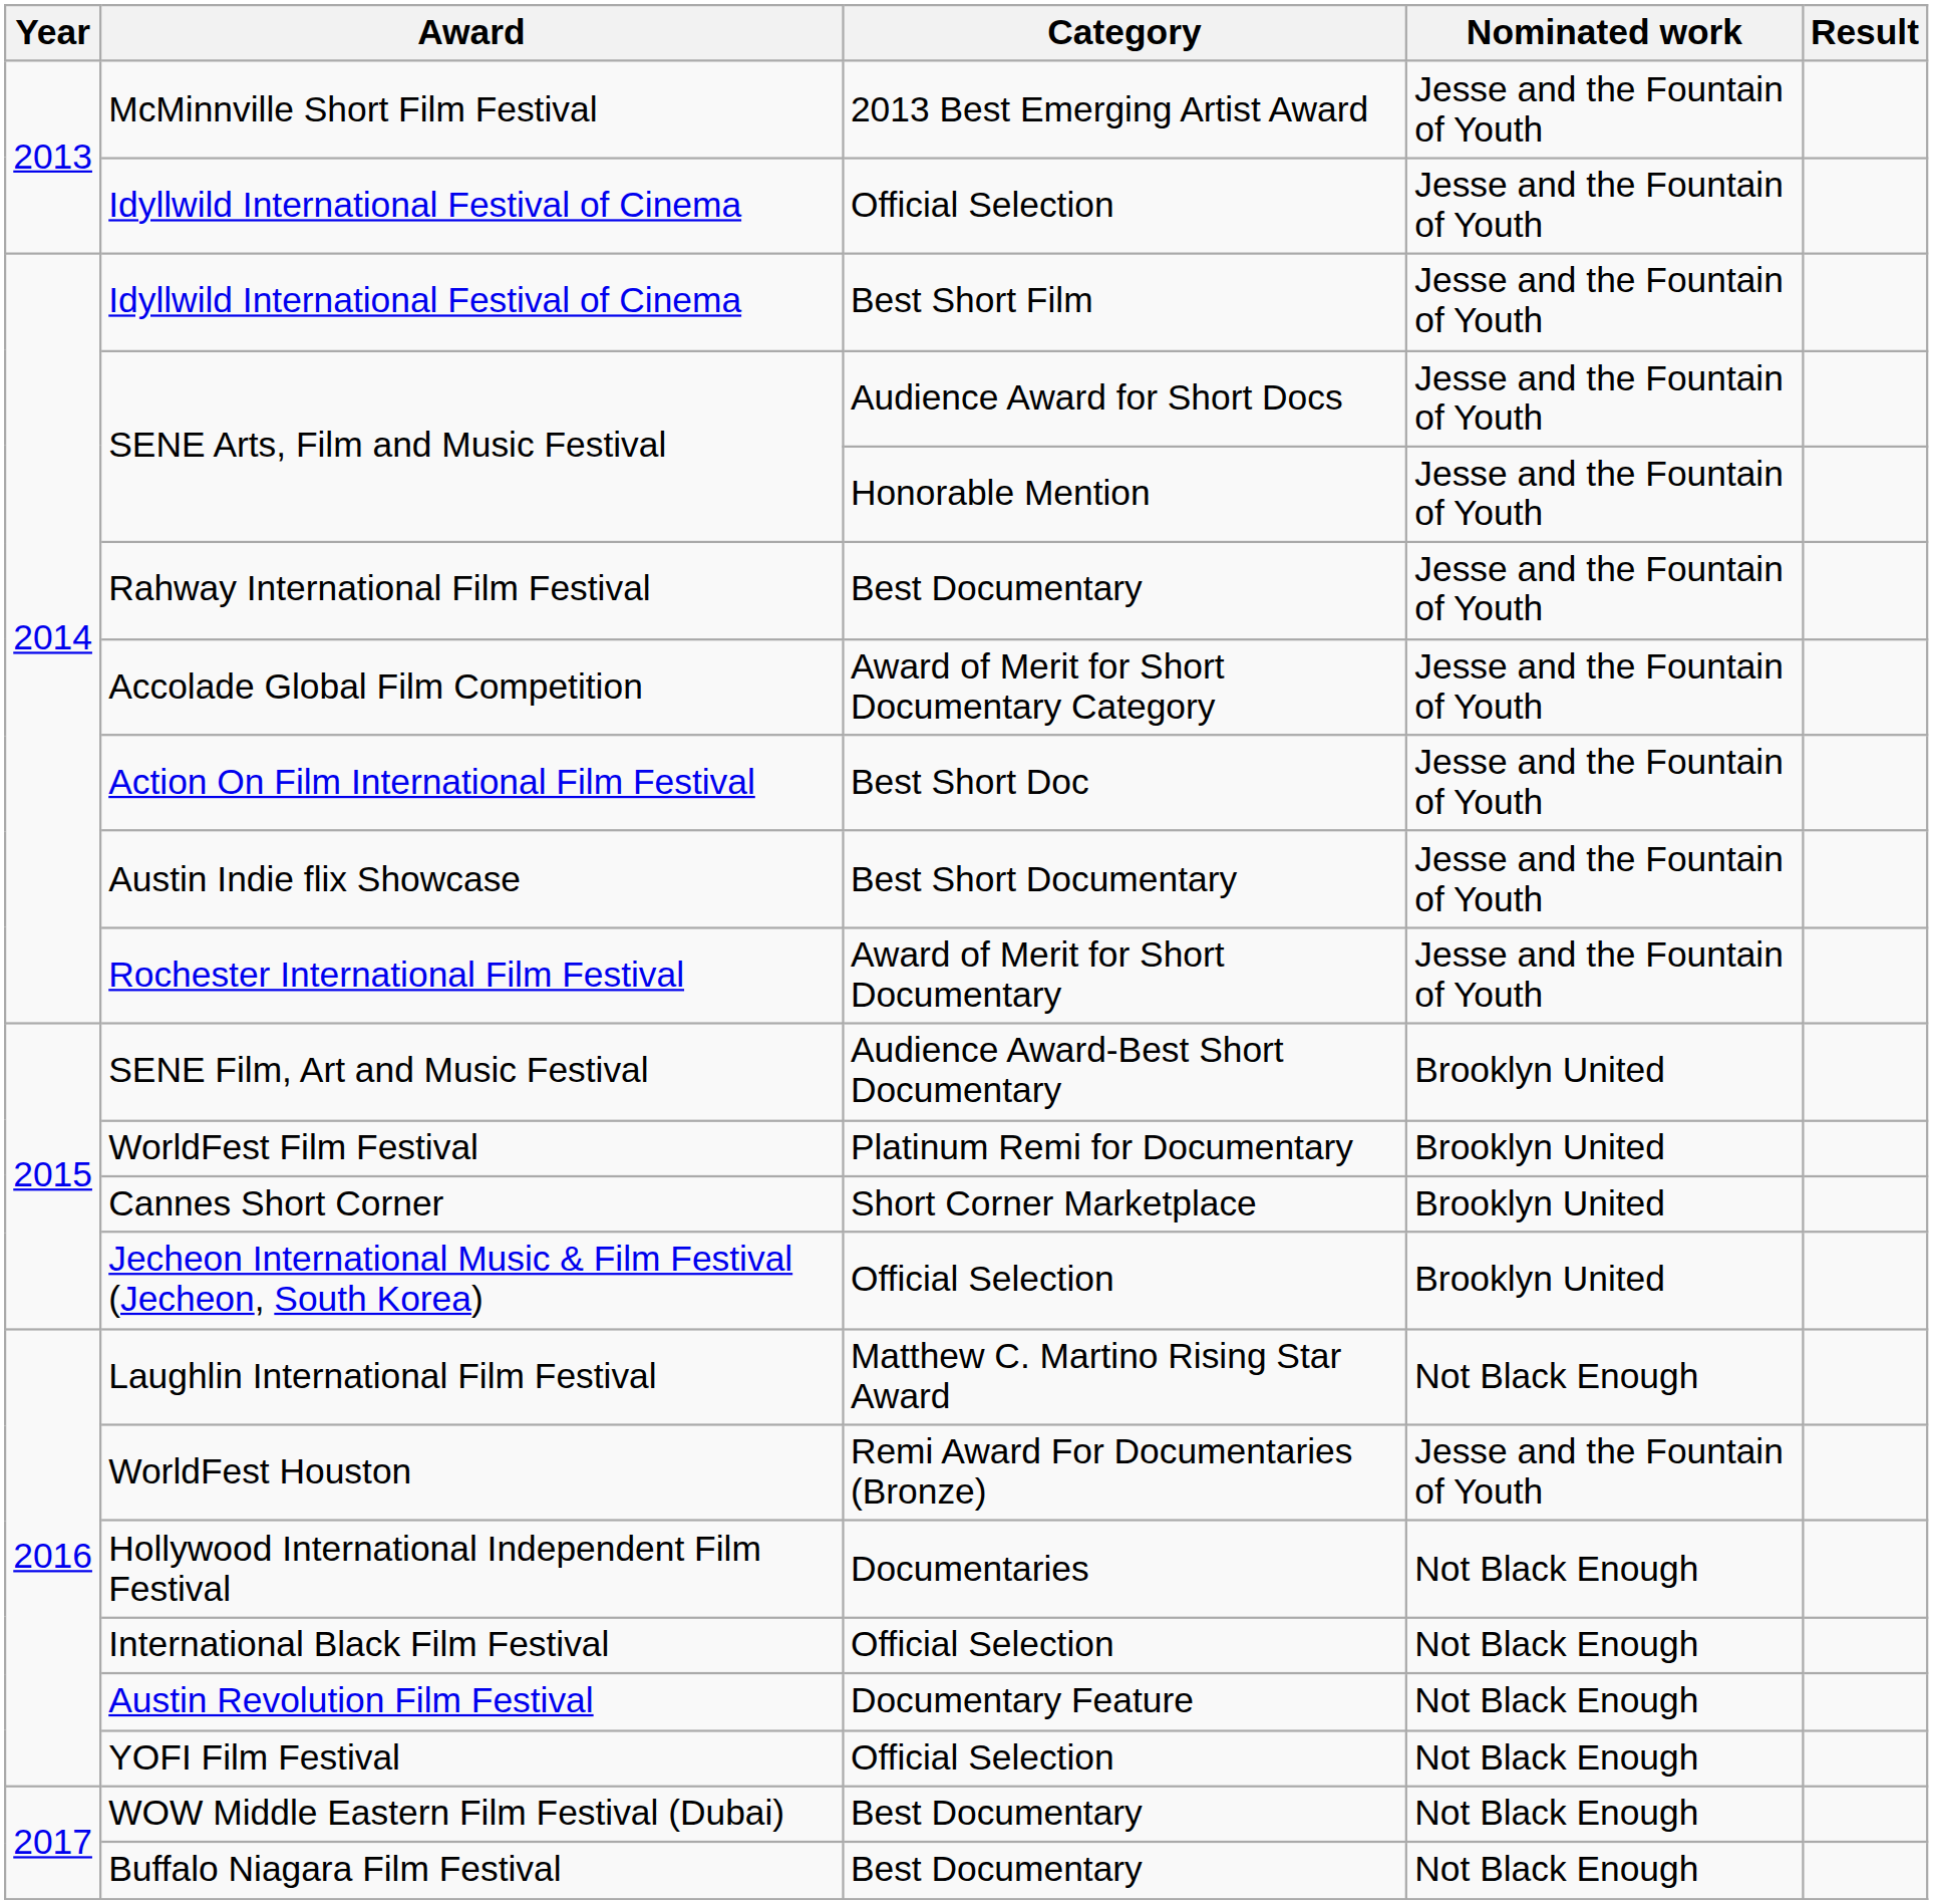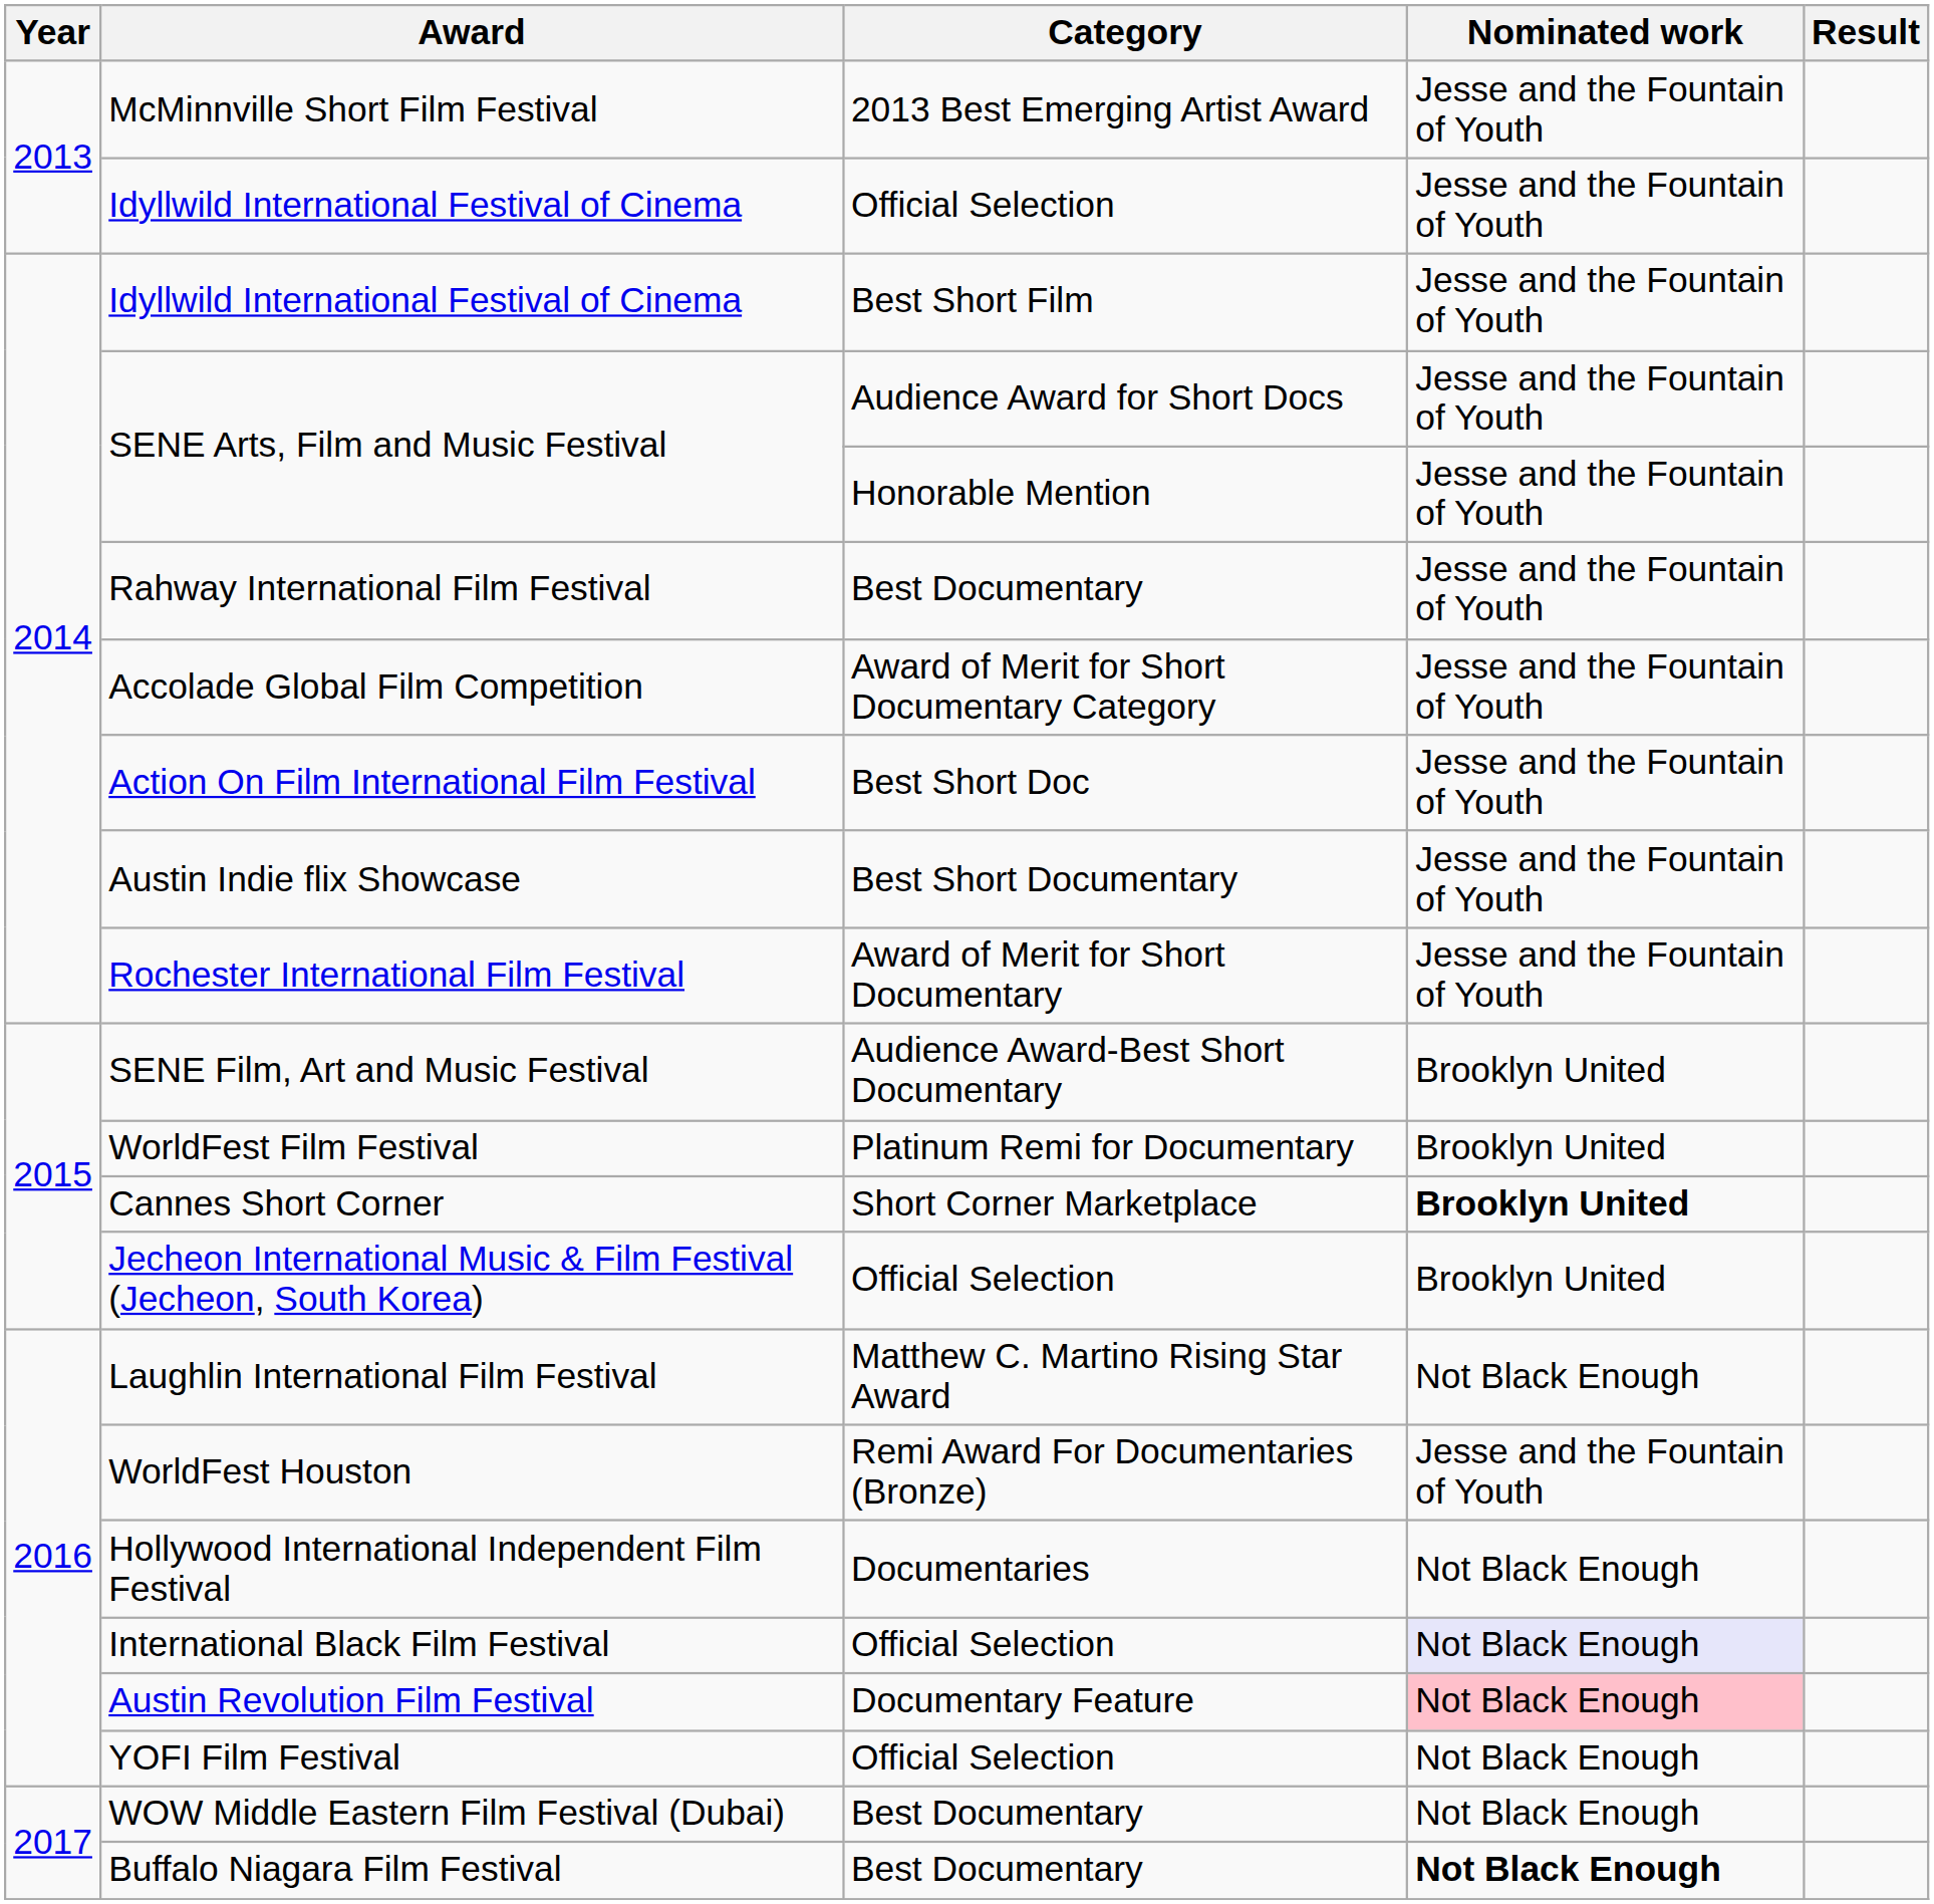 <table class="wikitable">
 <tr>
 <th>Year</th>
 <th>Award</th>
 <th>Category</th>
 <th>Nominated work</th>
 <th>Result</th>
 </tr>
 <tr>
 <td rowspan=2><a href='#'>2013</a></td>
 <td>McMinnville Short Film Festival</td>
 <td>2013 Best Emerging Artist Award</td>
 <td>Jesse and the Fountain of Youth</td>
 <td></td>
 </tr>
 <tr>
 <td><a href='#'>Idyllwild International Festival of Cinema</a></td>
 <td>Official Selection</td>
 <td>Jesse and the Fountain of Youth</td>
 <td></td>
 </tr>
 <tr>
 <td rowspan=8><a href='#'>2014</a></td>
 <td><a href='#'>Idyllwild International Festival of Cinema</a></td>
 <td>Best Short Film</td>
 <td>Jesse and the Fountain of Youth</td>
 <td></td>
 </tr>
 <tr>
 <td rowspan=2>SENE Arts, Film and Music Festival</td>
 <td>Audience Award for Short Docs</td>
 <td>Jesse and the Fountain of Youth</td>
 <td></td>
 </tr>
 <tr>
 <td>Honorable Mention</td>
 <td>Jesse and the Fountain of Youth</td>
 <td></td>
 </tr>
 <tr>
 <td>Rahway International Film Festival</td>
 <td>Best Documentary</td>
 <td>Jesse and the Fountain of Youth</td>
 <td></td>
 </tr>
 <tr>
 <td>Accolade Global Film Competition</td>
 <td>Award of Merit for Short Documentary Category</td>
 <td>Jesse and the Fountain of Youth</td>
 <td></td>
 </tr>
 <tr>
 <td><a href='#'>Action On Film International Film Festival</a></td>
 <td>Best Short Doc</td>
 <td>Jesse and the Fountain of Youth</td>
 <td></td>
 </tr>
 <tr>
 <td>Austin Indie flix Showcase</td>
 <td>Best Short Documentary</td>
 <td>Jesse and the Fountain of Youth</td>
 <td></td>
 </tr>
 <tr>
 <td><a href='#'>Rochester International Film Festival</a></td>
 <td>Award of Merit for Short Documentary</td>
 <td>Jesse and the Fountain of Youth</td>
 <td></td>
 </tr>
 <tr>
 <td rowspan=4><a href='#'>2015</a></td>
 <td>SENE Film, Art and Music Festival</td>
 <td>Audience Award-Best Short Documentary</td>
 <td>Brooklyn United</td>
 <td></td>
 </tr>
 <tr>
 <td>WorldFest Film Festival</td>
 <td>Platinum Remi for Documentary</td>
 <td>Brooklyn United</td>
 <td></td>
 </tr>
 <tr>
 <td>Cannes Short Corner</td>
 <td>Short Corner Marketplace</td>
-<td>Brooklyn United</td>
+<td><strong>Brooklyn United</strong></td>
 <td></td>
 </tr>
 <tr>
 <td><a href='#'>Jecheon International Music & Film Festival</a> (<a href='#'>Jecheon</a>, <a href='#'>South Korea</a>)</td>
 <td>Official Selection</td>
 <td>Brooklyn United</td>
 <td></td>
 </tr>
 <tr>
 <td rowspan=6><a href='#'>2016</a></td>
 <td>Laughlin International Film Festival</td>
 <td>Matthew C. Martino Rising Star Award</td>
 <td>Not Black Enough</td>
 <td></td>
 </tr>
 <tr>
 <td>WorldFest Houston</td>
 <td>Remi Award For Documentaries (Bronze)</td>
 <td>Jesse and the Fountain of Youth</td>
 <td></td>
 </tr>
 <tr>
 <td>Hollywood International Independent Film Festival</td>
 <td>Documentaries</td>
 <td>Not Black Enough</td>
 <td></td>
 </tr>
 <tr>
 <td>International Black Film Festival</td>
 <td>Official Selection</td>
-<td>Not Black Enough</td>
+<td style="background: lavender;">Not Black Enough</td>
 <td></td>
 </tr>
 <tr>
 <td><a href='#'>Austin Revolution Film Festival</a></td>
 <td>Documentary Feature</td>
-<td>Not Black Enough</td>
+<td style="background: pink;">Not Black Enough</td>
 <td></td>
 </tr>
 <tr>
 <td>YOFI Film Festival</td>
 <td>Official Selection</td>
 <td>Not Black Enough</td>
 <td></td>
 </tr>
 <tr>
 <td rowspan=2><a href='#'>2017</a></td>
 <td>WOW Middle Eastern Film Festival (Dubai)</td>
 <td>Best Documentary</td>
 <td>Not Black Enough</td>
 <td></td>
 </tr>
 <tr>
 <td>Buffalo Niagara Film Festival</td>
 <td>Best Documentary</td>
-<td>Not Black Enough</td>
+<td><strong>Not Black Enough</strong></td>
 <td></td>
 </tr>
 <tr>
 </tr>
 </table>
